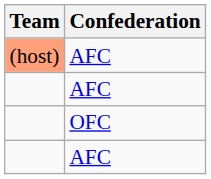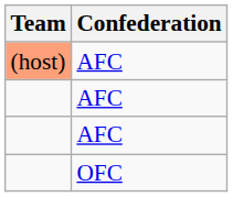 <table class="wikitable sortable" style="text-align: left;">
 <tr>
 <th>Team</th>
 <th>Confederation</th>
 </tr>
 <tr>
 <td style="background: lightsalmon;"> (host)</td>
 <td><a href='#'>AFC</a></td>
 </tr>
 <tr>
 <td></td>
 <td><a href='#'>AFC</a></td>
 </tr>
 <tr>
 <td></td>
-<td><a href='#'>OFC</a></td>
+<td><a href='#'>AFC</a></td>
 </tr>
 <tr>
 <td></td>
-<td><a href='#'>AFC</a></td>
+<td><a href='#'>OFC</a></td>
 </tr>
 </table>
